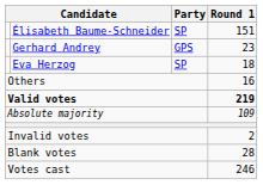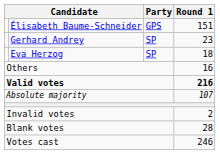 <table class="wikitable" style="text-align:right;">
 <tr>
 <th colspan="2">Candidate</th>
 <th>Party</th>
 <th>Round 1</th>
 </tr>
 <tr>
 <td style="background-color:"></td>
 <td style="text-align:left;"><a href='#'>Élisabeth Baume-Schneider</a></td>
-<td style="text-align:left;"><a href='#'>SP</a></td>
+<td style="text-align:left;"><a href='#'>GPS</a></td>
 <td>151</td>
 </tr>
 <tr>
 <td style="background-color:"></td>
 <td style="text-align:left;"><a href='#'>Gerhard Andrey</a></td>
-<td style="text-align:left;"><a href='#'>GPS</a></td>
+<td style="text-align:left;"><a href='#'>SP</a></td>
 <td>23</td>
 </tr>
 <tr>
 <td style="background-color:"></td>
 <td style="text-align:left;"><a href='#'>Eva Herzog</a></td>
 <td style="text-align:left;"><a href='#'>SP</a></td>
 <td>18</td>
 </tr>
 <tr>
 <td colspan="3" style="text-align:left;">Others</td>
 <td>16</td>
 </tr>
 <tr style="font-weight:bold;">
 <td colspan="3" style="text-align:left;">Valid votes</td>
-<td>219</td>
+<td>216</td>
 </tr>
 <tr style="font-style:italic; font-size:90%;">
 <td colspan="3" style="text-align:left;">Absolute majority</td>
-<td>109</td>
+<td>107</td>
 </tr>
 <tr>
 <th colspan="10"></th>
 </tr>
 <tr>
 <td colspan="3" style="text-align:left;">Invalid votes</td>
 <td>2</td>
 </tr>
 <tr>
 <td colspan="3" style="text-align:left;">Blank votes</td>
 <td>28</td>
 </tr>
 <tr>
 <td colspan="3" style="text-align:left;">Votes cast</td>
 <td>246</td>
 </tr>
 </table>
